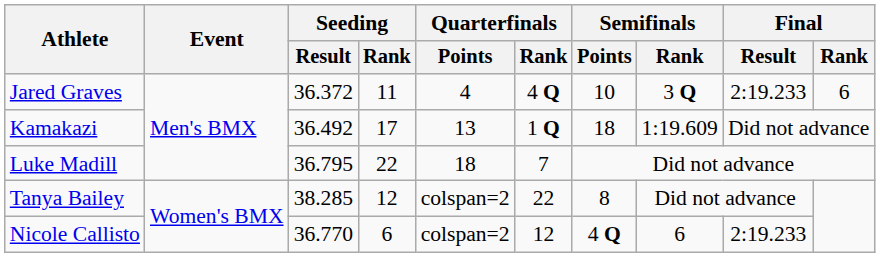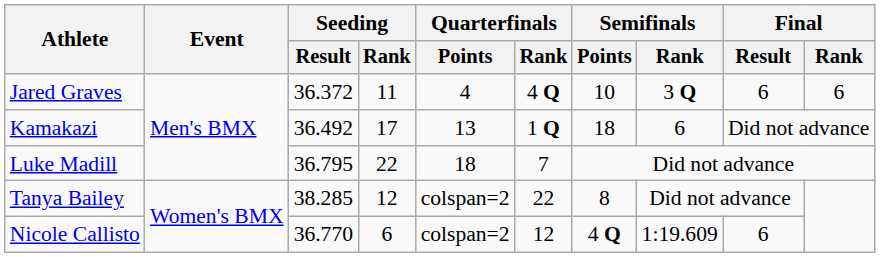 <table class=wikitable style="font-size:90%">
 <tr>
 <th rowspan="2">Athlete</th>
 <th rowspan="2">Event</th>
 <th colspan="2">Seeding</th>
 <th colspan="2">Quarterfinals</th>
 <th colspan="2">Semifinals</th>
 <th colspan="2">Final</th>
 </tr>
 <tr style="font-size:95%">
 <th>Result</th>
 <th>Rank</th>
 <th>Points</th>
 <th>Rank</th>
 <th>Points</th>
 <th>Rank</th>
 <th>Result</th>
 <th>Rank</th>
 </tr>
 <tr align=center>
 <td align=left><a href='#'>Jared Graves</a></td>
 <td align=left rowspan=3><a href='#'>Men's BMX</a></td>
 <td>36.372</td>
 <td>11</td>
 <td>4</td>
 <td>4 <strong>Q</strong></td>
 <td>10</td>
 <td>3 <strong>Q</strong></td>
-<td>2:19.233</td>
+<td>6</td>
 <td>6</td>
 </tr>
 <tr align=center>
 <td align=left><a href='#'>Kamakazi</a></td>
 <td>36.492</td>
 <td>17</td>
 <td>13</td>
 <td>1 <strong>Q</strong></td>
 <td>18</td>
-<td>1:19.609</td>
+<td>6</td>
 <td colspan=2>Did not advance</td>
 </tr>
 <tr align=center>
 <td align=left><a href='#'>Luke Madill</a></td>
 <td>36.795</td>
 <td>22</td>
 <td>18</td>
 <td>7</td>
 <td colspan=4>Did not advance</td>
 </tr>
 <tr align=center>
 <td align=left><a href='#'>Tanya Bailey</a></td>
 <td align=left rowspan=2><a href='#'>Women's BMX</a></td>
 <td>38.285</td>
 <td>12</td>
 <td>colspan=2 </td>
 <td>22</td>
 <td>8</td>
 <td colspan=2>Did not advance</td>
 </tr>
 <tr align=center>
 <td align=left><a href='#'>Nicole Callisto</a></td>
 <td>36.770</td>
 <td>6</td>
 <td>colspan=2 </td>
 <td>12</td>
 <td>4 <strong>Q</strong></td>
+<td>1:19.609</td>
 <td>6</td>
-<td>2:19.233</td>
 </tr>
 </table>
